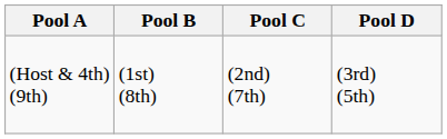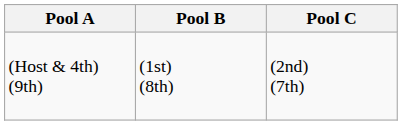 <table class="wikitable">
 <tr>
 <th width=25%>Pool A</th>
 <th width=25%>Pool B</th>
 <th width=25%>Pool C</th>
-<th width=25%>Pool D</th>
 </tr>
 <tr>
 <td><br> (Host & 4th)<br>  (9th)<br> <br> </td>
 <td><br> (1st)<br>  (8th)<br> <br> </td>
 <td><br> (2nd)<br>  (7th)<br> <br> </td>
-<td><br> (3rd)<br>  (5th)<br> <br> </td>
 </tr>
 </table>
